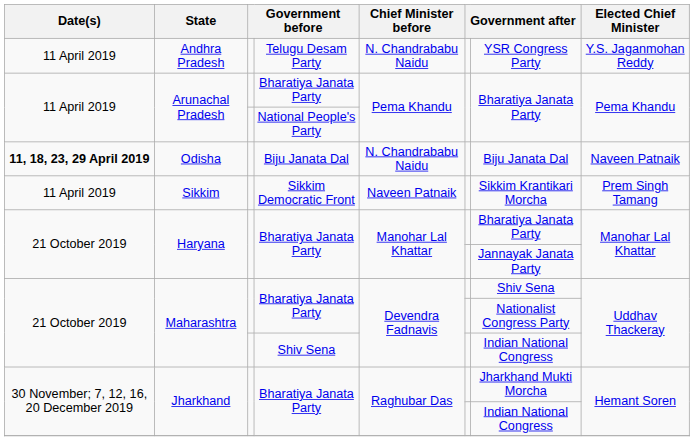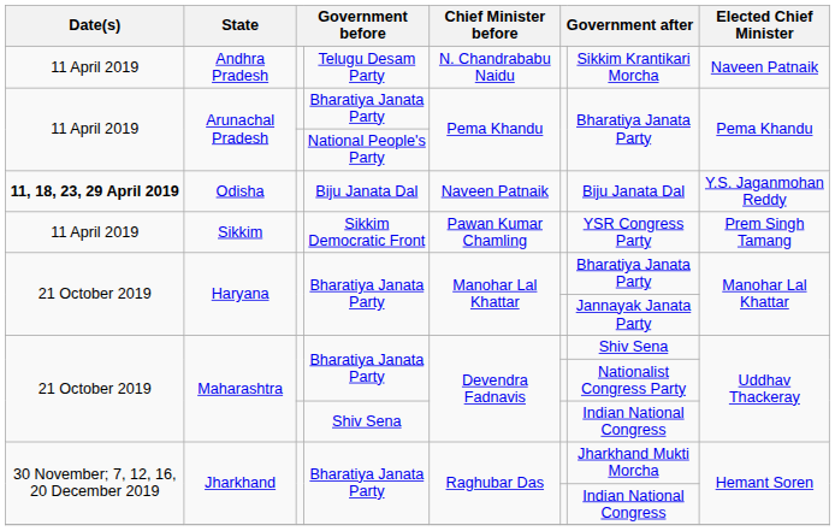 <table class="wikitable">
 <tr>
 <th>Date(s)</th>
 <th>State</th>
 <th colspan="2">Government before</th>
 <th>Chief Minister before</th>
 <th colspan="2">Government after</th>
 <th>Elected Chief Minister</th>
 </tr>
 <tr style="text-align:center;">
 <td>11 April 2019</td>
 <td><a href='#'>Andhra Pradesh</a></td>
 <td></td>
 <td><a href='#'>Telugu Desam Party</a></td>
 <td><a href='#'>N. Chandrababu Naidu</a></td>
 <td></td>
-<td><a href='#'>YSR Congress Party</a></td>
-<td><a href='#'>Y.S. Jaganmohan Reddy</a></td>
+<td><a href='#'>Sikkim Krantikari Morcha</a></td>
+<td><a href='#'>Naveen Patnaik</a></td>
 </tr>
 <tr style="text-align:center;">
 <td rowspan="2">11 April 2019</td>
 <td rowspan="2"><a href='#'>Arunachal Pradesh</a></td>
 <td></td>
 <td><a href='#'>Bharatiya Janata Party</a></td>
 <td rowspan="2"><a href='#'>Pema Khandu</a></td>
 <td rowspan="2"></td>
 <td rowspan="2"><a href='#'>Bharatiya Janata Party</a></td>
 <td rowspan="2"><a href='#'>Pema Khandu</a></td>
 </tr>
 <tr style="text-align:center;">
 <td></td>
 <td><a href='#'>National People's Party</a></td>
 </tr>
 <tr style="text-align:center;">
 <td><strong>11, 18, 23, 29 April 2019</strong></td>
 <td><a href='#'>Odisha</a></td>
 <td></td>
 <td><a href='#'>Biju Janata Dal</a></td>
-<td><a href='#'>N. Chandrababu Naidu</a></td>
+<td><a href='#'>Naveen Patnaik</a></td>
 <td></td>
 <td><a href='#'>Biju Janata Dal</a></td>
-<td><a href='#'>Naveen Patnaik</a></td>
+<td><a href='#'>Y.S. Jaganmohan Reddy</a></td>
 </tr>
 <tr style="text-align:center;">
 <td>11 April 2019</td>
 <td><a href='#'>Sikkim</a></td>
 <td></td>
 <td><a href='#'>Sikkim Democratic Front</a></td>
-<td><a href='#'>Naveen Patnaik</a></td>
+<td><a href='#'>Pawan Kumar Chamling</a></td>
 <td></td>
-<td><a href='#'>Sikkim Krantikari Morcha</a></td>
+<td><a href='#'>YSR Congress Party</a></td>
 <td><a href='#'>Prem Singh Tamang</a></td>
 </tr>
 <tr style="text-align:center;">
 <td rowspan="2">21 October 2019</td>
 <td rowspan="2"><a href='#'>Haryana</a></td>
 <td rowspan="2" width="1px"></td>
 <td rowspan="2"><a href='#'>Bharatiya Janata Party</a></td>
 <td rowspan="2"><a href='#'>Manohar Lal Khattar</a></td>
 <td></td>
 <td><a href='#'>Bharatiya Janata Party</a></td>
 <td rowspan="2"><a href='#'>Manohar Lal Khattar</a></td>
 </tr>
 <tr style="text-align:center;">
 <td></td>
 <td><a href='#'>Jannayak Janata Party</a></td>
 </tr>
 <tr style="text-align:center;">
 <td rowspan="3">21 October 2019</td>
 <td rowspan="3"><a href='#'>Maharashtra</a></td>
 <td rowspan="2"></td>
 <td rowspan="2"><a href='#'>Bharatiya Janata Party</a></td>
 <td rowspan="3"><a href='#'>Devendra Fadnavis</a></td>
 <td></td>
 <td><a href='#'>Shiv Sena</a></td>
 <td rowspan="3"><a href='#'>Uddhav Thackeray</a></td>
 </tr>
 <tr style="text-align:center;">
 <td></td>
 <td><a href='#'>Nationalist Congress Party</a></td>
 </tr>
 <tr style="text-align:center;">
 <td></td>
 <td><a href='#'>Shiv Sena</a></td>
 <td></td>
 <td><a href='#'>Indian National Congress</a></td>
 </tr>
 <tr style="text-align:center;">
 <td rowspan="2">30 November; 7, 12, 16, 20 December 2019</td>
 <td rowspan="2"><a href='#'>Jharkhand</a></td>
 <td rowspan="2"></td>
 <td rowspan="2"><a href='#'>Bharatiya Janata Party</a></td>
 <td rowspan="2"><a href='#'>Raghubar Das</a></td>
 <td></td>
 <td><a href='#'>Jharkhand Mukti Morcha</a></td>
 <td rowspan="2"><a href='#'>Hemant Soren</a></td>
 </tr>
 <tr style="text-align:center;">
 <td></td>
 <td><a href='#'>Indian National Congress</a></td>
 </tr>
 <tr style="text-align:center;">
 </tr>
 <tr>
 </tr>
 </table>
